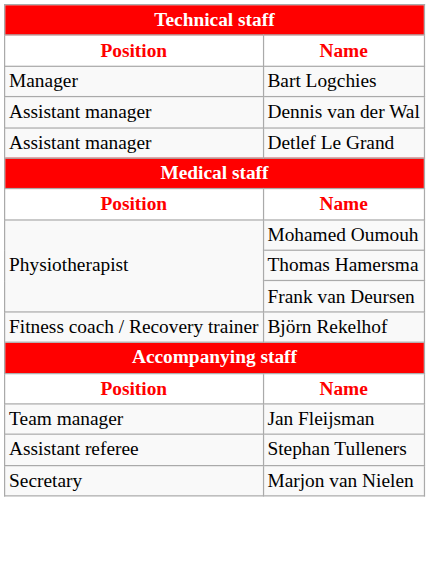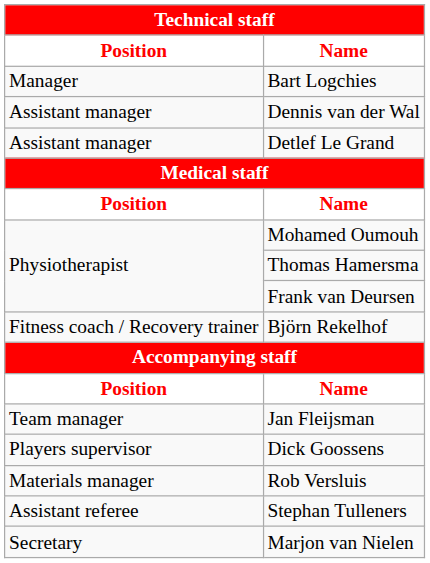 <table class="wikitable">
 <tr>
 <td colspan="2" style="text-align:center;background:red;color:white"><strong>Technical staff</strong></td>
 </tr>
 <tr>
 <th style="background:white;color:red">Position</th>
 <th style="background:white;color:red">Name</th>
 </tr>
 <tr>
 <td>Manager</td>
 <td>Bart Logchies</td>
 </tr>
 <tr>
 <td>Assistant manager</td>
 <td>Dennis van der Wal</td>
 </tr>
 <tr>
 <td>Assistant manager</td>
 <td>Detlef Le Grand</td>
 </tr>
 <tr>
 <td colspan="2" style="text-align:center;background:red;color:white"><strong>Medical staff</strong></td>
 </tr>
 <tr>
 <th style="background:white;color:red">Position</th>
 <th style="background:white;color:red">Name</th>
 </tr>
 <tr>
 <td rowspan="3">Physiotherapist</td>
 <td>Mohamed Oumouh</td>
 </tr>
 <tr>
 <td>Thomas Hamersma</td>
 </tr>
 <tr>
 <td>Frank van Deursen</td>
 </tr>
 <tr>
 <td>Fitness coach / Recovery trainer</td>
 <td>Björn Rekelhof</td>
 </tr>
 <tr>
 <td colspan="2" style="text-align:center;background:red;color:white"><strong>Accompanying staff</strong></td>
 </tr>
 <tr>
 <th style="background:white;color:red">Position</th>
 <th style="background:white;color:red">Name</th>
 </tr>
 <tr>
 <td>Team manager</td>
 <td>Jan Fleijsman</td>
 </tr>
 <tr>
+<td>Players supervisor</td>
+<td>Dick Goossens</td>
+</tr>
+<tr>
+<td>Materials manager</td>
+<td>Rob Versluis</td>
+</tr>
+<tr>
 <td>Assistant referee</td>
 <td>Stephan Tulleners</td>
 </tr>
 <tr>
 <td>Secretary</td>
 <td>Marjon van Nielen</td>
 </tr>
 </table>
